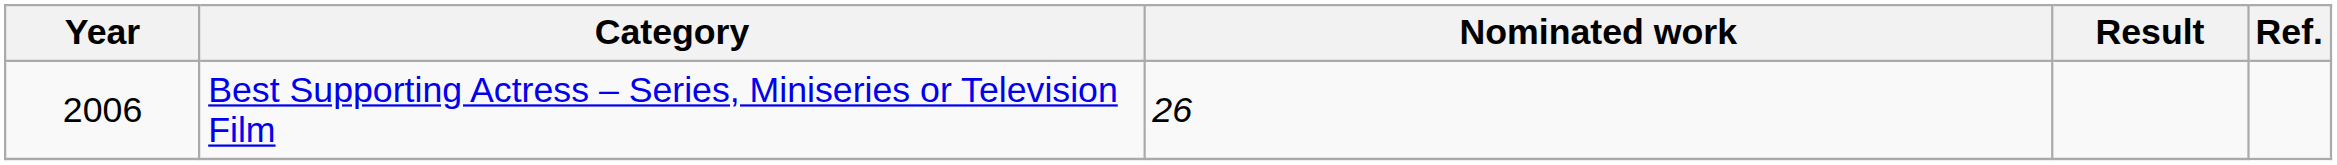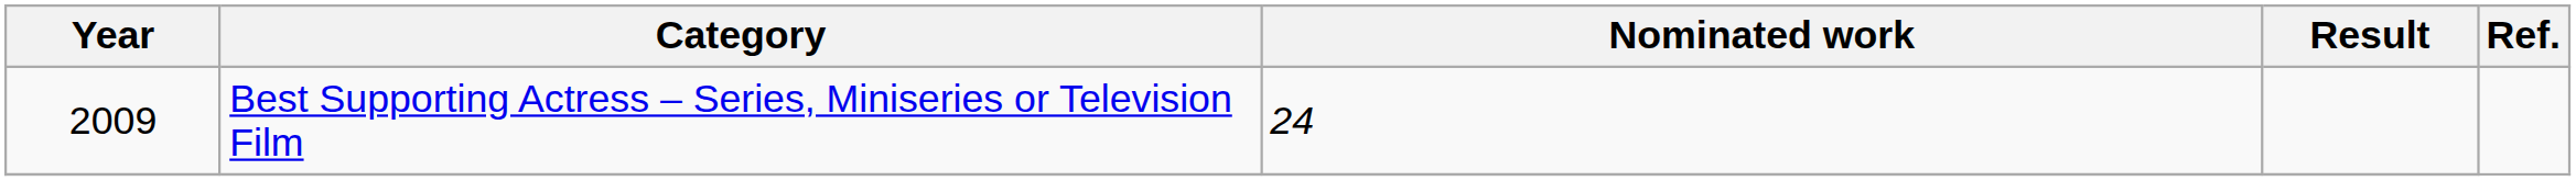 <table class=wikitable>
 <tr>
 <th scope="col" style="width:5em;">Year</th>
 <th scope="col" style="width:26em;">Category</th>
 <th scope="col" style="width:25em;">Nominated work</th>
 <th scope="col" style="width:5em;">Result</th>
 <th>Ref.</th>
 </tr>
 <tr>
-<td style="text-align:center;">2006</td>
+<td style="text-align:center;">2009</td>
 <td><a href='#'>Best Supporting Actress – Series, Miniseries or Television Film</a></td>
-<td><em>26</em></td>
+<td><em>24</em></td>
 <td></td>
 </tr>
 <tr>
 </tr>
 </table>
